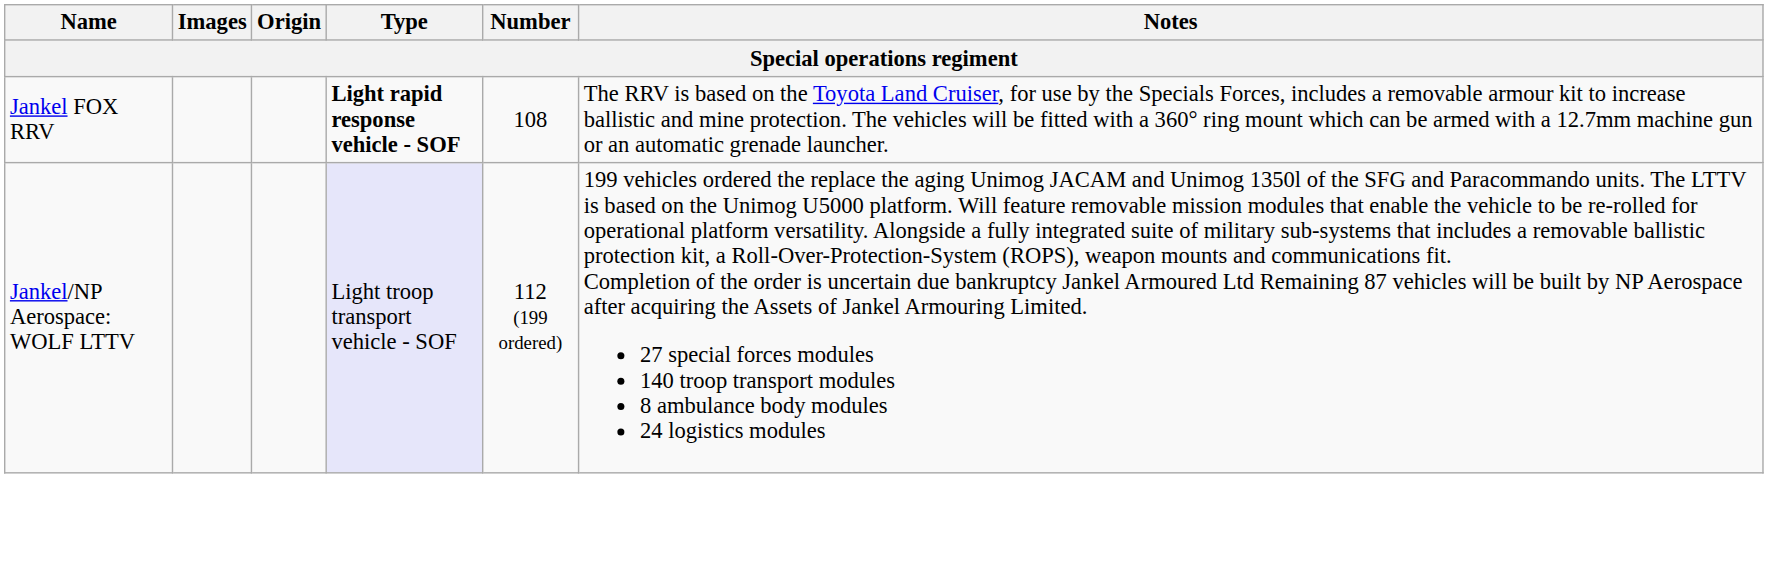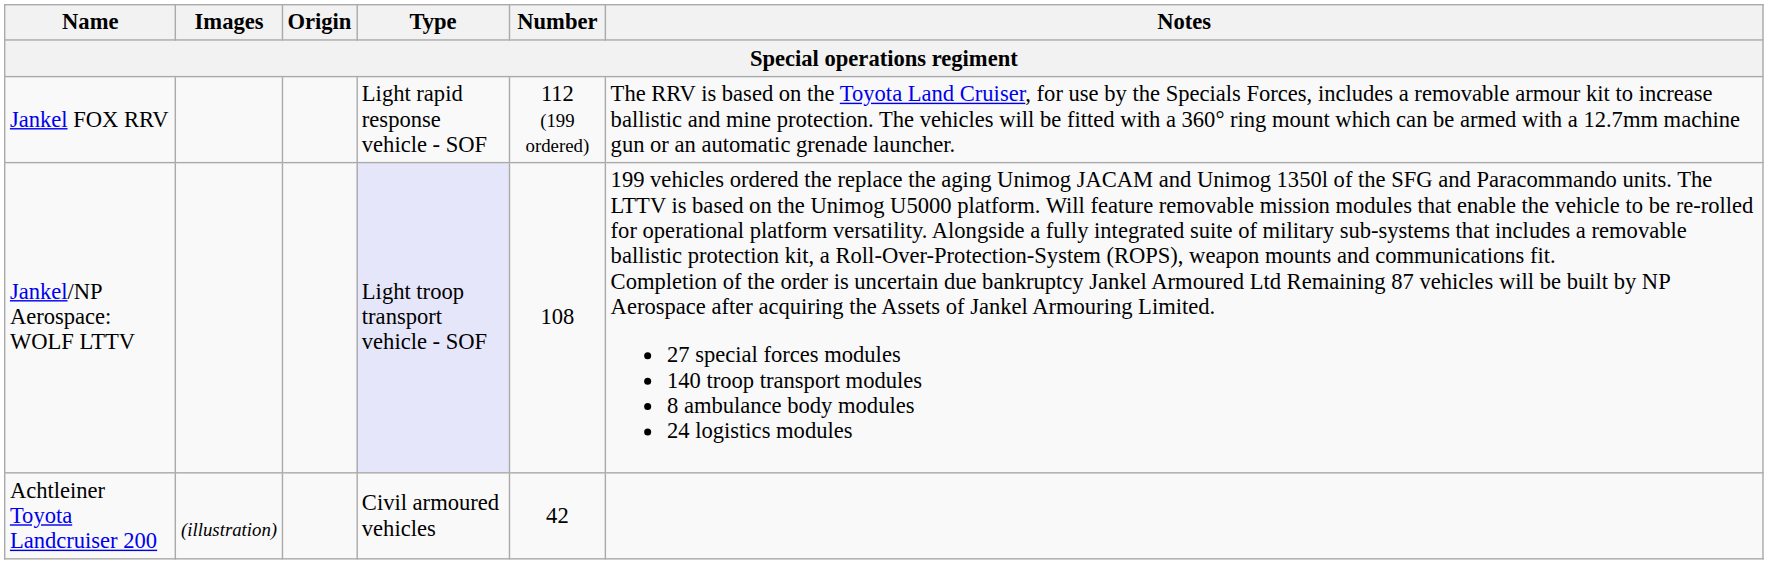 <table class="wikitable">
 <tr>
 <th>Name</th>
 <th>Images</th>
 <th>Origin</th>
 <th>Type</th>
 <th>Number</th>
 <th>Notes</th>
 </tr>
 <tr>
 <th colspan="6">Special operations regiment</th>
 </tr>
 <tr>
 <td><a href='#'>Jankel</a> FOX RRV</td>
 <td style="text-align: center;"></td>
 <td><br></td>
-<td><strong>Light rapid response vehicle - SOF</strong></td>
-<td style="text-align: center;">108</td>
+<td>Light rapid response vehicle - SOF</td>
+<td style="text-align: center;">112<br><small>(199 ordered)</small></td>
 <td>The RRV is based on the <a href='#'>Toyota Land Cruiser</a>, for use by the Specials Forces, includes a removable armour kit to increase ballistic and mine protection. The vehicles will be fitted with a 360° ring mount which can be armed with a 12.7mm machine gun or an automatic grenade launcher.</td>
 </tr>
 <tr>
 <td><a href='#'>Jankel</a>/NP Aerospace: WOLF LTTV</td>
 <td style="text-align: center;"><br></td>
 <td><br></td>
 <td style="background: lavender;">Light troop transport vehicle - SOF</td>
-<td style="text-align: center;">112<br><small>(199 ordered)</small></td>
+<td style="text-align: center;">108</td>
 <td>199 vehicles ordered the replace the aging Unimog JACAM and Unimog 1350l of the SFG and Paracommando units. The LTTV is based on the Unimog U5000 platform. Will feature removable mission modules that enable the vehicle to be re-rolled for operational platform versatility. Alongside a fully integrated suite of military sub-systems that includes a removable ballistic protection kit, a Roll-Over-Protection-System (ROPS), weapon mounts and communications fit.<br>Completion of the order is uncertain  due bankruptcy Jankel Armoured Ltd  Remaining 87 vehicles will be built by NP Aerospace after acquiring the Assets of Jankel Armouring Limited.<ul><li>27 special forces modules</li><li>140 troop transport modules</li><li>8 ambulance body modules</li><li>24 logistics modules</li></ul></td>
 </tr>
+<tr>
+<td>Achtleiner <a href='#'>Toyota Landcruiser 200</a></td>
+<td style="text-align: center;"><br><em><small>(illustration)</small></em></td>
+<td><br></td>
+<td>Civil armoured vehicles</td>
+<td style="text-align: center;">42</td>
+<td></td>
+</tr>
 </table>
